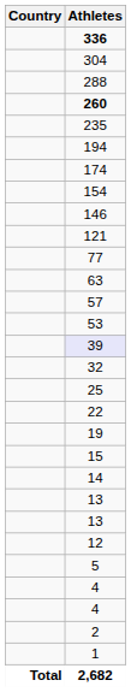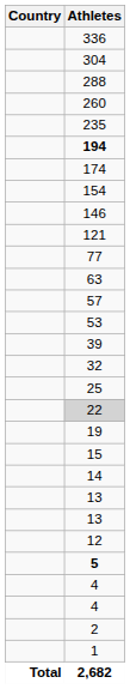 <table class="wikitable collapsible collapsed sortable" style="border:0;">
 <tr>
 <th>Country</th>
 <th>Athletes</th>
 </tr>
 <tr>
 <td></td>
-<td align=center><strong>336</strong></td>
+<td align=center>336</td>
 </tr>
 <tr>
 <td></td>
 <td align=center>304</td>
 </tr>
 <tr>
 <td></td>
 <td align=center>288</td>
 </tr>
 <tr>
 <td></td>
-<td align=center><strong>260</strong></td>
+<td align=center>260</td>
 </tr>
 <tr>
 <td></td>
 <td align=center>235</td>
 </tr>
 <tr>
 <td></td>
-<td align=center>194</td>
+<td align=center><strong>194</strong></td>
 </tr>
 <tr>
 <td></td>
 <td align=center>174</td>
 </tr>
 <tr>
 <td></td>
 <td align=center>154</td>
 </tr>
 <tr>
 <td></td>
 <td align=center>146</td>
 </tr>
 <tr>
 <td></td>
 <td align=center>121</td>
 </tr>
 <tr>
 <td></td>
 <td align=center>77</td>
 </tr>
 <tr>
 <td></td>
 <td align=center>63</td>
 </tr>
 <tr>
 <td></td>
 <td align=center>57</td>
 </tr>
 <tr>
 <td></td>
 <td align=center>53</td>
 </tr>
 <tr>
 <td></td>
-<td align=center style="background: lavender;">39</td>
+<td align=center>39</td>
 </tr>
 <tr>
 <td></td>
 <td align=center>32</td>
 </tr>
 <tr>
 <td></td>
 <td align=center>25</td>
 </tr>
 <tr>
 <td></td>
-<td align=center>22</td>
+<td align=center style="background: lightgrey;">22</td>
 </tr>
 <tr>
 <td></td>
 <td align=center>19</td>
 </tr>
 <tr>
 <td></td>
 <td align=center>15</td>
 </tr>
 <tr>
 <td></td>
 <td align=center>14</td>
 </tr>
 <tr>
 <td></td>
 <td align=center>13</td>
 </tr>
 <tr>
 <td></td>
 <td align=center>13</td>
 </tr>
 <tr>
 <td></td>
 <td align=center>12</td>
 </tr>
 <tr>
 <td></td>
-<td align=center>5</td>
+<td align=center><strong>5</strong></td>
 </tr>
 <tr>
 <td></td>
 <td align=center>4</td>
 </tr>
 <tr>
 <td></td>
 <td align=center>4</td>
 </tr>
 <tr>
 <td></td>
 <td align=center>2</td>
 </tr>
 <tr>
 <td></td>
 <td align=center>1</td>
 </tr>
 <tr class="sortbottom">
 <td style="text-align:right; border:0px; background:#fff;"><strong>Total</strong></td>
 <td style="text-align:center; border:0px; background:#fff;"><strong>2,682</strong></td>
 </tr>
 <tr>
 </tr>
 </table>
